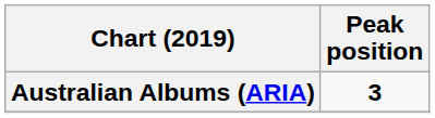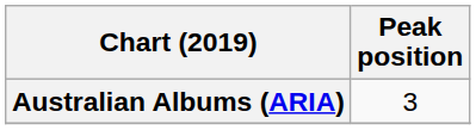 <table class="wikitable sortable plainrowheaders" style="text-align:center">
 <tr>
 <th scope="col">Chart (2019)</th>
 <th scope="col">Peak<br>position</th>
 </tr>
 <tr>
 <th scope="row">Australian Albums (<a href='#'>ARIA</a>)</th>
-<td><strong>3</strong></td>
+<td>3</td>
 </tr>
 <tr>
 </tr>
 <tr>
 </tr>
 <tr>
 </tr>
 </table>
